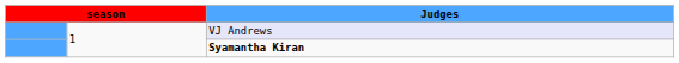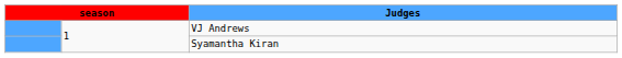 <table class="wikitable" width="65%">
 <tr>
 <th scope="col" style ="background: #FF0000;"style="background: #FF0000 ;color:white"  colspan="2">season</th>
 <th scope="col" style ="background: #4da6ff;"style="background: #FF0000 ;color:white">Judges</th>
 </tr>
 <tr>
 <td style="background: #4da6ff"></td>
 <td rowspan="2">1</td>
-<td style="background: lavender;">VJ Andrews</td>
+<td>VJ Andrews</td>
 </tr>
 <tr>
 <td style="background: #4da6ff"></td>
-<td><strong>Syamantha Kiran</strong></td>
+<td>Syamantha Kiran</td>
 </tr>
 </table>
